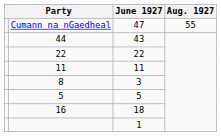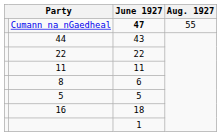 <table class="wikitable" style="font-size: 95%;">
 <tr>
 <th colspan="2">Party</th>
 <th>June 1927</th>
 <th>Aug. 1927</th>
 </tr>
 <tr>
 <th style="background-color: "></th>
 <td><a href='#'>Cumann na nGaedheal</a></td>
-<td align="center">47</td>
+<td align="center"><strong>47</strong></td>
 <td align="center">55</td>
 </tr>
 <tr>
 <td></td>
 <td align="center">44</td>
 <td align="center">43</td>
 </tr>
 <tr>
 <td></td>
 <td align="center">22</td>
 <td align="center">22</td>
 </tr>
 <tr>
 <td></td>
 <td align="center">11</td>
 <td align="center">11</td>
 </tr>
 <tr>
 <td></td>
 <td align="center">8</td>
-<td align="center">3</td>
+<td align="center">6</td>
 </tr>
 <tr>
 <td></td>
 <td align="center">5</td>
 <td align="center">5</td>
 </tr>
 <tr>
 <td></td>
 <td align="center">16</td>
 <td align="center">18</td>
 </tr>
 <tr>
 <td></td>
 <td></td>
 <td align="center">1</td>
 </tr>
 </table>
